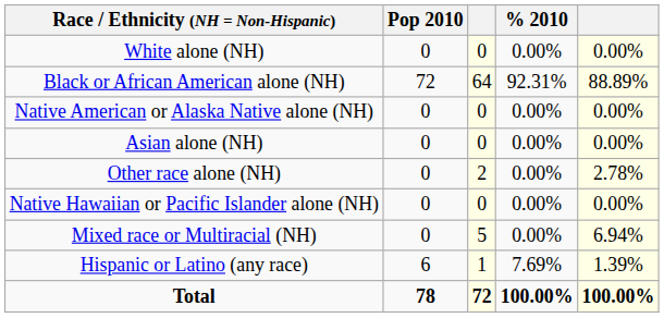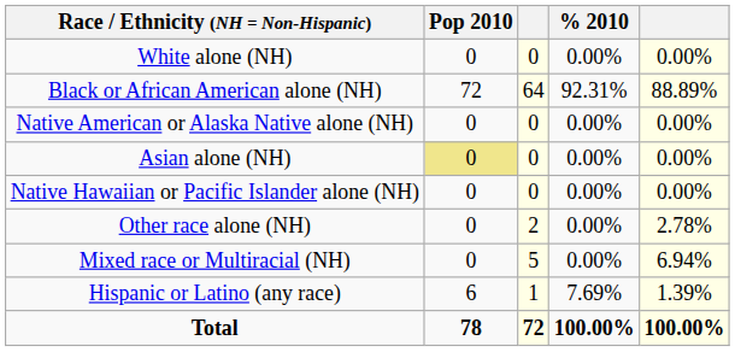 <table class="wikitable" style="text-align:center;">
 <tr>
 <th>Race / Ethnicity <small>(<em>NH = Non-Hispanic</em>)</small></th>
 <th>Pop 2010</th>
 <th></th>
 <th>% 2010</th>
 <th></th>
 </tr>
 <tr>
 <td><a href='#'>White</a> alone (NH)</td>
 <td>0</td>
 <td style='background: #ffffe6;'>0</td>
 <td>0.00%</td>
 <td style='background: #ffffe6;'>0.00%</td>
 </tr>
 <tr>
 <td><a href='#'>Black or African American</a> alone (NH)</td>
 <td>72</td>
 <td style='background: #ffffe6;'>64</td>
 <td>92.31%</td>
 <td style='background: #ffffe6;'>88.89%</td>
 </tr>
 <tr>
 <td><a href='#'>Native American</a> or <a href='#'>Alaska Native</a> alone (NH)</td>
 <td>0</td>
 <td style='background: #ffffe6;'>0</td>
 <td>0.00%</td>
 <td style='background: #ffffe6;'>0.00%</td>
 </tr>
 <tr>
 <td><a href='#'>Asian</a> alone (NH)</td>
+<td style="background: khaki;">0</td>
+<td style='background: #ffffe6;'>0</td>
+<td>0.00%</td>
+<td style='background: #ffffe6;'>0.00%</td>
+</tr>
+<tr>
+<td><a href='#'>Native Hawaiian</a> or <a href='#'>Pacific Islander</a> alone (NH)</td>
 <td>0</td>
 <td style='background: #ffffe6;'>0</td>
 <td>0.00%</td>
 <td style='background: #ffffe6;'>0.00%</td>
 </tr>
 <tr>
 <td><a href='#'>Other race</a> alone (NH)</td>
 <td>0</td>
 <td style='background: #ffffe6;'>2</td>
 <td>0.00%</td>
 <td style='background: #ffffe6;'>2.78%</td>
-</tr>
-<tr>
-<td><a href='#'>Native Hawaiian</a> or <a href='#'>Pacific Islander</a> alone (NH)</td>
-<td>0</td>
-<td style='background: #ffffe6;'>0</td>
-<td>0.00%</td>
-<td style='background: #ffffe6;'>0.00%</td>
 </tr>
 <tr>
 <td><a href='#'>Mixed race or Multiracial</a> (NH)</td>
 <td>0</td>
 <td style='background: #ffffe6;'>5</td>
 <td>0.00%</td>
 <td style='background: #ffffe6;'>6.94%</td>
 </tr>
 <tr>
 <td><a href='#'>Hispanic or Latino</a> (any race)</td>
 <td>6</td>
 <td style='background: #ffffe6;'>1</td>
 <td>7.69%</td>
 <td style='background: #ffffe6;'>1.39%</td>
 </tr>
 <tr>
 <td><strong>Total</strong></td>
 <td><strong>78</strong></td>
 <td style='background: #ffffe6;'><strong>72</strong></td>
 <td><strong>100.00%</strong></td>
 <td style='background: #ffffe6;'><strong>100.00%</strong></td>
 </tr>
 </table>
